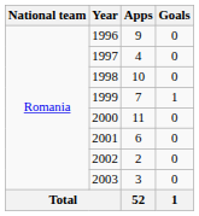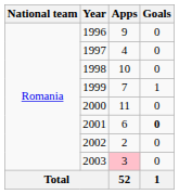 <table class="wikitable" style="text-align:center">
 <tr>
 <th>National team</th>
 <th>Year</th>
 <th>Apps</th>
 <th>Goals</th>
 </tr>
 <tr>
 <td rowspan="8"><a href='#'>Romania</a></td>
 <td>1996</td>
 <td>9</td>
 <td>0</td>
 </tr>
 <tr>
 <td>1997</td>
 <td>4</td>
 <td>0</td>
 </tr>
 <tr>
 <td>1998</td>
 <td>10</td>
 <td>0</td>
 </tr>
 <tr>
 <td>1999</td>
 <td>7</td>
 <td>1</td>
 </tr>
 <tr>
 <td>2000</td>
 <td>11</td>
 <td>0</td>
 </tr>
 <tr>
 <td>2001</td>
 <td>6</td>
-<td>0</td>
+<td><strong>0</strong></td>
 </tr>
 <tr>
 <td>2002</td>
 <td>2</td>
 <td>0</td>
 </tr>
 <tr>
 <td>2003</td>
-<td>3</td>
+<td style="background: pink;">3</td>
 <td>0</td>
 </tr>
 <tr>
 <th colspan="2">Total</th>
 <th>52</th>
 <th>1</th>
 </tr>
 </table>
